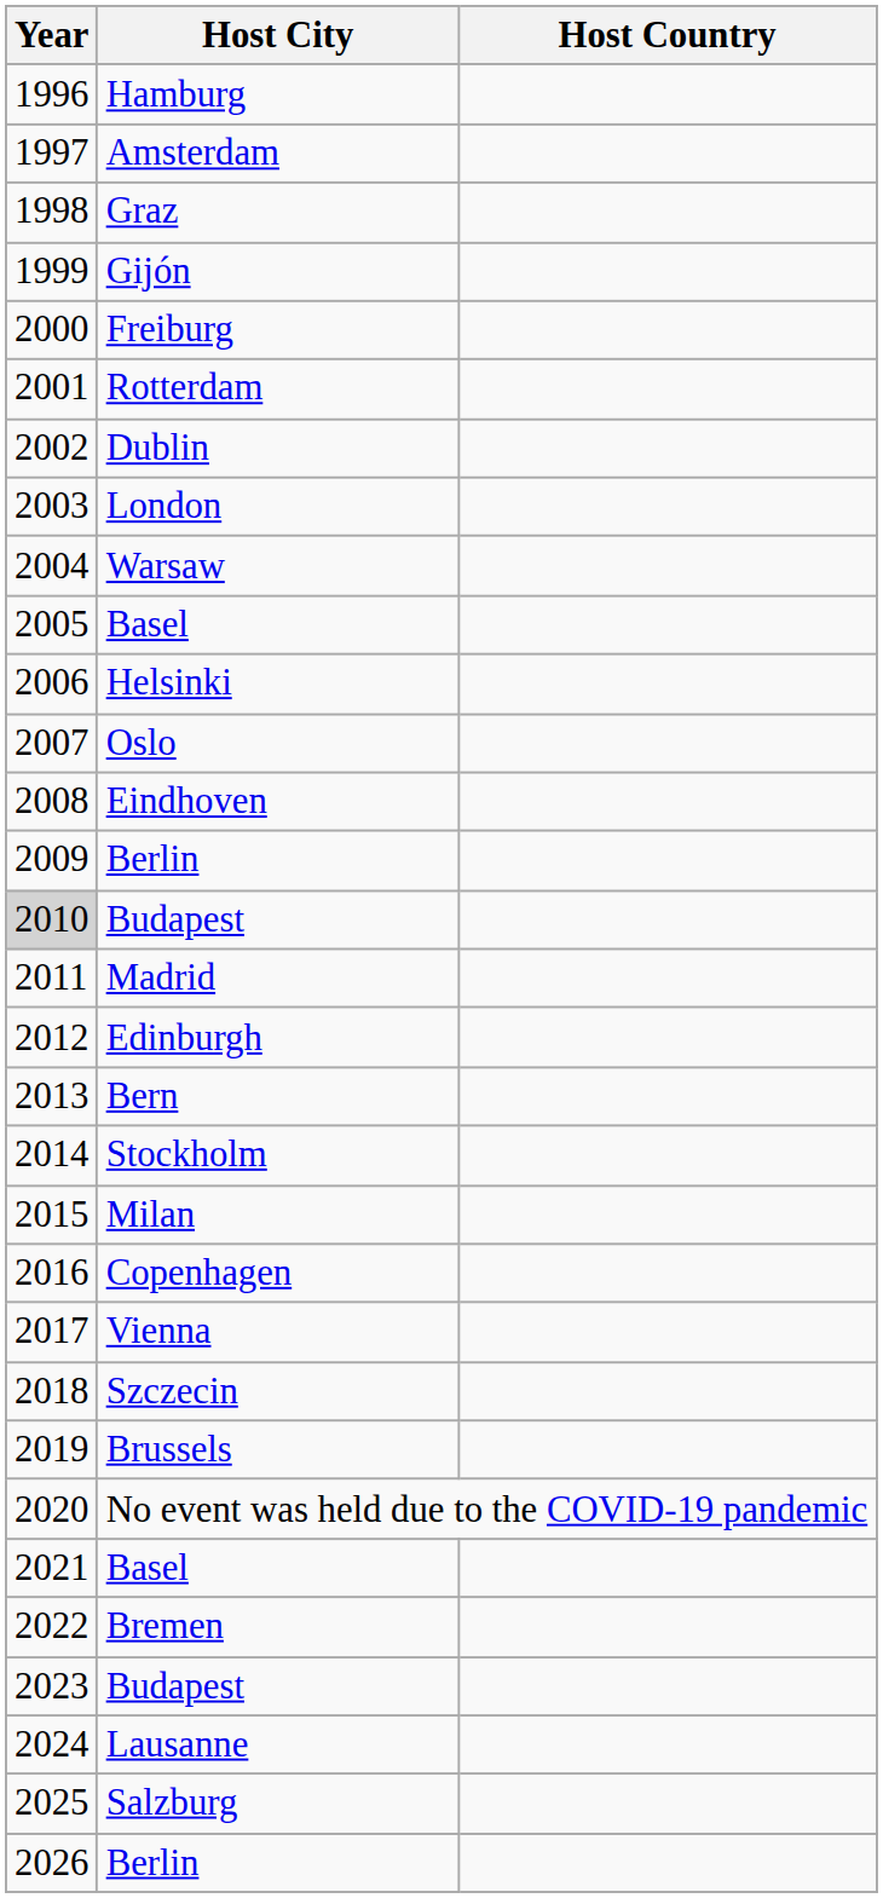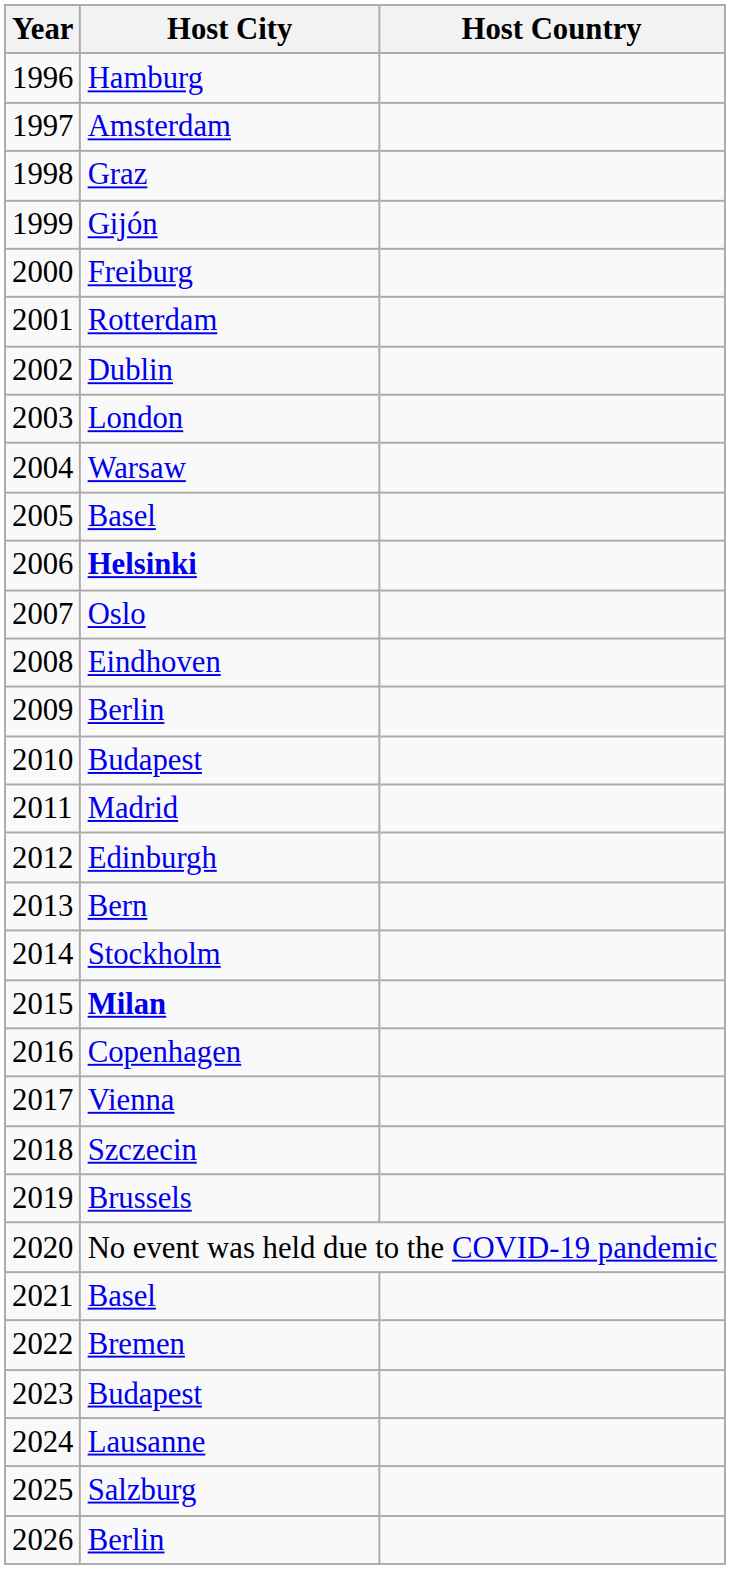 <table class="wikitable">
 <tr>
 <th>Year</th>
 <th>Host City</th>
 <th>Host Country</th>
 </tr>
 <tr>
 <td>1996</td>
 <td><a href='#'>Hamburg</a></td>
 <td></td>
 </tr>
 <tr>
 <td>1997</td>
 <td><a href='#'>Amsterdam</a></td>
 <td></td>
 </tr>
 <tr>
 <td>1998</td>
 <td><a href='#'>Graz</a></td>
 <td></td>
 </tr>
 <tr>
 <td>1999</td>
 <td><a href='#'>Gijón</a></td>
 <td></td>
 </tr>
 <tr>
 <td>2000</td>
 <td><a href='#'>Freiburg</a></td>
 <td></td>
 </tr>
 <tr>
 <td>2001</td>
 <td><a href='#'>Rotterdam</a></td>
 <td></td>
 </tr>
 <tr>
 <td>2002</td>
 <td><a href='#'>Dublin</a></td>
 <td></td>
 </tr>
 <tr>
 <td>2003</td>
 <td><a href='#'>London</a></td>
 <td></td>
 </tr>
 <tr>
 <td>2004</td>
 <td><a href='#'>Warsaw</a></td>
 <td></td>
 </tr>
 <tr>
 <td>2005</td>
 <td><a href='#'>Basel</a></td>
 <td></td>
 </tr>
 <tr>
 <td>2006</td>
-<td><a href='#'>Helsinki</a></td>
+<td><strong><a href='#'>Helsinki</a></strong></td>
 <td></td>
 </tr>
 <tr>
 <td>2007</td>
 <td><a href='#'>Oslo</a></td>
 <td></td>
 </tr>
 <tr>
 <td>2008</td>
 <td><a href='#'>Eindhoven</a></td>
 <td></td>
 </tr>
 <tr>
 <td>2009</td>
 <td><a href='#'>Berlin</a></td>
 <td></td>
 </tr>
 <tr>
-<td style="background: lightgrey;">2010</td>
+<td>2010</td>
 <td><a href='#'>Budapest</a></td>
 <td></td>
 </tr>
 <tr>
 <td>2011</td>
 <td><a href='#'>Madrid</a></td>
 <td></td>
 </tr>
 <tr>
 <td>2012</td>
 <td><a href='#'>Edinburgh</a></td>
 <td></td>
 </tr>
 <tr>
 <td>2013</td>
 <td><a href='#'>Bern</a></td>
 <td></td>
 </tr>
 <tr>
 <td>2014</td>
 <td><a href='#'>Stockholm</a></td>
 <td></td>
 </tr>
 <tr>
 <td>2015</td>
-<td><a href='#'>Milan</a></td>
+<td><strong><a href='#'>Milan</a></strong></td>
 <td></td>
 </tr>
 <tr>
 <td>2016</td>
 <td><a href='#'>Copenhagen</a></td>
 <td></td>
 </tr>
 <tr>
 <td>2017</td>
 <td><a href='#'>Vienna</a></td>
 <td></td>
 </tr>
 <tr>
 <td>2018</td>
 <td><a href='#'>Szczecin</a></td>
 <td></td>
 </tr>
 <tr>
 <td>2019</td>
 <td><a href='#'>Brussels</a></td>
 <td></td>
 </tr>
 <tr>
 <td>2020</td>
 <td colspan="2">No event was held due to the <a href='#'>COVID-19 pandemic</a></td>
 </tr>
 <tr>
 <td>2021</td>
 <td><a href='#'>Basel</a></td>
 <td></td>
 </tr>
 <tr>
 <td>2022</td>
 <td><a href='#'>Bremen</a></td>
 <td></td>
 </tr>
 <tr>
 <td>2023</td>
 <td><a href='#'>Budapest</a></td>
 <td></td>
 </tr>
 <tr>
 <td>2024</td>
 <td><a href='#'>Lausanne</a></td>
 <td></td>
 </tr>
 <tr>
 <td>2025</td>
 <td><a href='#'>Salzburg</a></td>
 <td></td>
 </tr>
 <tr>
 <td>2026</td>
 <td><a href='#'>Berlin</a></td>
 <td></td>
 </tr>
 </table>
